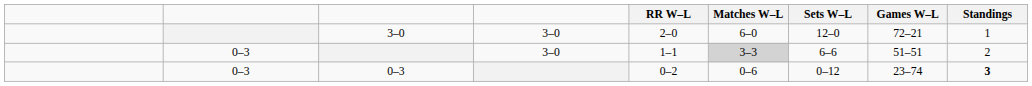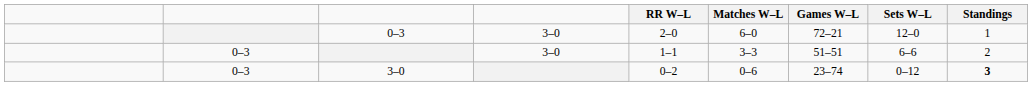 <table class="wikitable" style="width: 100%; text-align:center; font-size:90%">
 <tr>
 <td width=166></td>
 <td width=162></td>
 <td width=162></td>
 <td width=162></td>
 <th width=80>RR W–L</th>
 <th width=80>Matches W–L</th>
+<th width=80>Games W–L</th>
 <th width=80>Sets W–L</th>
-<th width=80>Games W–L</th>
 <th width=80>Standings</th>
 </tr>
 <tr>
 <td style="text-align:left;"></td>
 <th bgcolor="ededed"></th>
-<td>3–0</td>
+<td>0–3</td>
 <td>3–0</td>
 <td>2–0</td>
 <td>6–0</td>
+<td>72–21</td>
 <td>12–0</td>
-<td>72–21</td>
 <td>1</td>
 </tr>
 <tr>
 <td style="text-align:left;"></td>
 <td>0–3</td>
 <th bgcolor="ededed"></th>
 <td>3–0</td>
 <td>1–1</td>
-<td style="background: lightgrey;">3–3</td>
+<td>3–3</td>
+<td>51–51</td>
 <td>6–6</td>
-<td>51–51</td>
 <td>2</td>
 </tr>
 <tr>
 <td style="text-align:left;"></td>
 <td>0–3</td>
-<td>0–3</td>
+<td>3–0</td>
 <th bgcolor="ededed"></th>
 <td>0–2</td>
 <td>0–6</td>
+<td>23–74</td>
 <td>0–12</td>
-<td>23–74</td>
 <td><strong>3</strong></td>
 </tr>
 </table>
